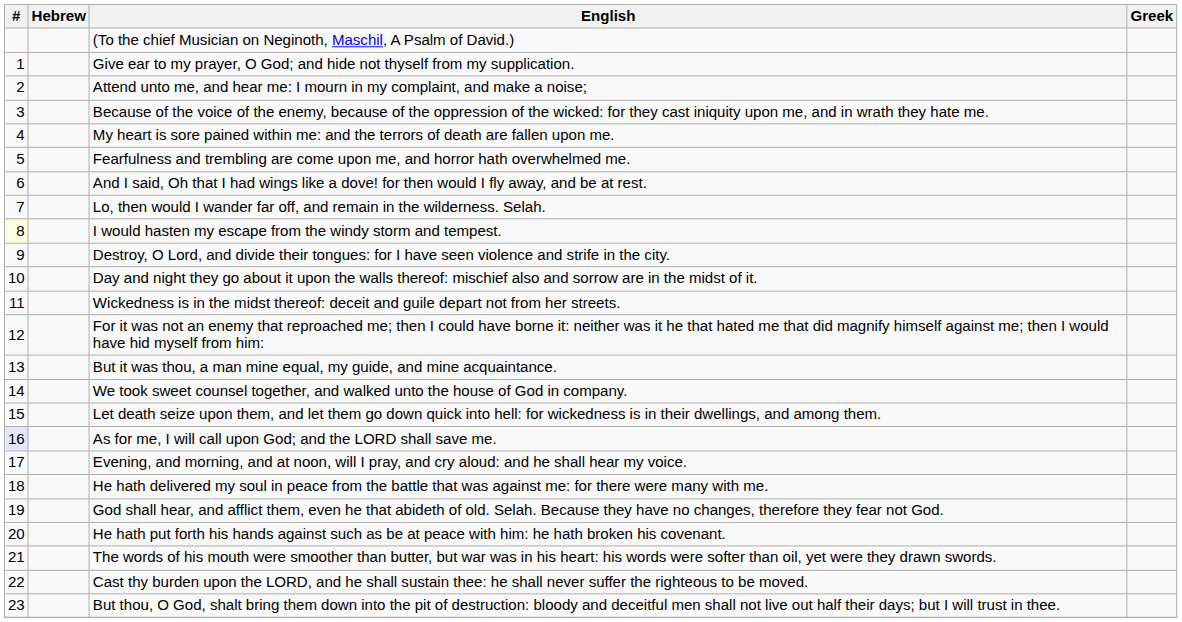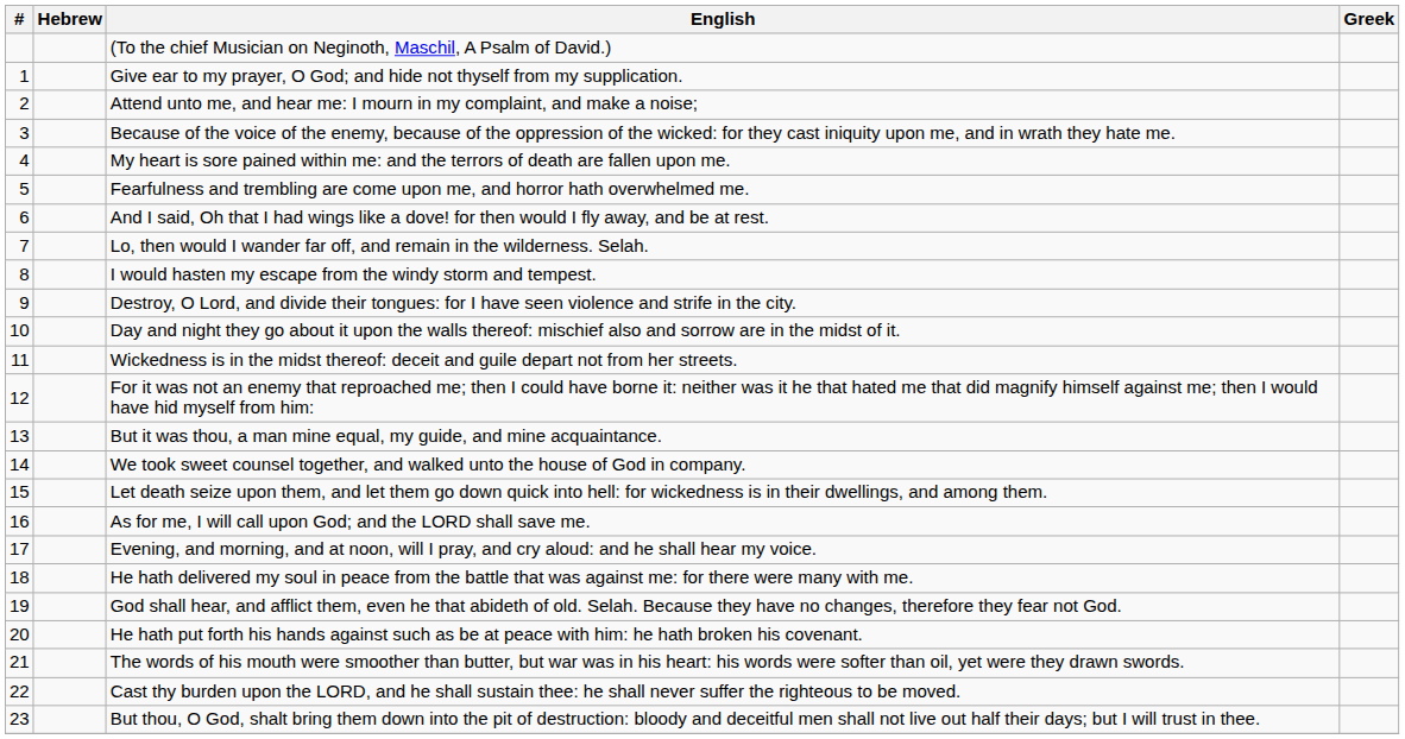 <table class=wikitable>
 <tr>
 <th>#</th>
 <th>Hebrew</th>
 <th>English</th>
 <th>Greek</th>
 </tr>
 <tr>
 <td style="text-align:right"></td>
 <td style="text-align:right"></td>
 <td>(To the chief Musician on Neginoth, <a href='#'>Maschil</a>, A Psalm of David.)</td>
 <td></td>
 </tr>
 <tr>
 <td style="text-align:right">1</td>
 <td style="text-align:right"></td>
 <td>Give ear to my prayer, O God; and hide not thyself from my supplication.</td>
 <td></td>
 </tr>
 <tr>
 <td style="text-align:right">2</td>
 <td style="text-align:right"></td>
 <td>Attend unto me, and hear me: I mourn in my complaint, and make a noise;</td>
 <td></td>
 </tr>
 <tr>
 <td style="text-align:right">3</td>
 <td style="text-align:right"></td>
 <td>Because of the voice of the enemy, because of the oppression of the wicked: for they cast iniquity upon me, and in wrath they hate me.</td>
 <td></td>
 </tr>
 <tr>
 <td style="text-align:right">4</td>
 <td style="text-align:right"></td>
 <td>My heart is sore pained within me: and the terrors of death are fallen upon me.</td>
 <td></td>
 </tr>
 <tr>
 <td style="text-align:right">5</td>
 <td style="text-align:right"></td>
 <td>Fearfulness and trembling are come upon me, and horror hath overwhelmed me.</td>
 <td></td>
 </tr>
 <tr>
 <td style="text-align:right">6</td>
 <td style="text-align:right"></td>
 <td>And I said, Oh that I had wings like a dove! for then would I fly away, and be at rest.</td>
 <td></td>
 </tr>
 <tr>
 <td style="text-align:right">7</td>
 <td style="text-align:right"></td>
 <td>Lo, then would I wander far off, and remain in the wilderness. Selah.</td>
 <td></td>
 </tr>
 <tr>
-<td style="background: lightyellow; text-align:right">8</td>
+<td style="text-align:right">8</td>
 <td style="text-align:right"></td>
 <td>I would hasten my escape from the windy storm and tempest.</td>
 <td></td>
 </tr>
 <tr>
 <td style="text-align:right">9</td>
 <td style="text-align:right"></td>
 <td>Destroy, O Lord, and divide their tongues: for I have seen violence and strife in the city.</td>
 <td></td>
 </tr>
 <tr>
 <td style="text-align:right">10</td>
 <td style="text-align:right"></td>
 <td>Day and night they go about it upon the walls thereof: mischief also and sorrow are in the midst of it.</td>
 <td></td>
 </tr>
 <tr>
 <td style="text-align:right">11</td>
 <td style="text-align:right"></td>
 <td>Wickedness is in the midst thereof: deceit and guile depart not from her streets.</td>
 <td></td>
 </tr>
 <tr>
 <td style="text-align:right">12</td>
 <td style="text-align:right"></td>
 <td>For it was not an enemy that reproached me; then I could have borne it: neither was it he that hated me that did magnify himself against me; then I would have hid myself from him:</td>
 <td></td>
 </tr>
 <tr>
 <td style="text-align:right">13</td>
 <td style="text-align:right"></td>
 <td>But it was thou, a man mine equal, my guide, and mine acquaintance.</td>
 <td></td>
 </tr>
 <tr>
 <td style="text-align:right">14</td>
 <td style="text-align:right"></td>
 <td>We took sweet counsel together, and walked unto the house of God in company.</td>
 <td></td>
 </tr>
 <tr>
 <td style="text-align:right">15</td>
 <td style="text-align:right"></td>
 <td>Let death seize upon them, and let them go down quick into hell: for wickedness is in their dwellings, and among them.</td>
 <td></td>
 </tr>
 <tr>
-<td style="background: lavender; text-align:right">16</td>
+<td style="text-align:right">16</td>
 <td style="text-align:right"></td>
 <td>As for me, I will call upon God; and the LORD shall save me.</td>
 <td></td>
 </tr>
 <tr>
 <td style="text-align:right">17</td>
 <td style="text-align:right"></td>
 <td>Evening, and morning, and at noon, will I pray, and cry aloud: and he shall hear my voice.</td>
 <td></td>
 </tr>
 <tr>
 <td style="text-align:right">18</td>
 <td style="text-align:right"></td>
 <td>He hath delivered my soul in peace from the battle that was against me: for there were many with me.</td>
 <td></td>
 </tr>
 <tr>
 <td style="text-align:right">19</td>
 <td style="text-align:right"></td>
 <td>God shall hear, and afflict them, even he that abideth of old. Selah. Because they have no changes, therefore they fear not God.</td>
 <td></td>
 </tr>
 <tr>
 <td style="text-align:right">20</td>
 <td style="text-align:right"></td>
 <td>He hath put forth his hands against such as be at peace with him: he hath broken his covenant.</td>
 <td></td>
 </tr>
 <tr>
 <td style="text-align:right">21</td>
 <td style="text-align:right"></td>
 <td>The words of his mouth were smoother than butter, but war was in his heart: his words were softer than oil, yet were they drawn swords.</td>
 <td></td>
 </tr>
 <tr>
 <td style="text-align:right">22</td>
 <td style="text-align:right"></td>
 <td>Cast thy burden upon the LORD, and he shall sustain thee: he shall never suffer the righteous to be moved.</td>
 <td></td>
 </tr>
 <tr>
 <td style="text-align:right">23</td>
 <td style="text-align:right"></td>
 <td>But thou, O God, shalt bring them down into the pit of destruction: bloody and deceitful men shall not live out half their days; but I will trust in thee.</td>
 <td></td>
 </tr>
 <tr>
 </tr>
 </table>
